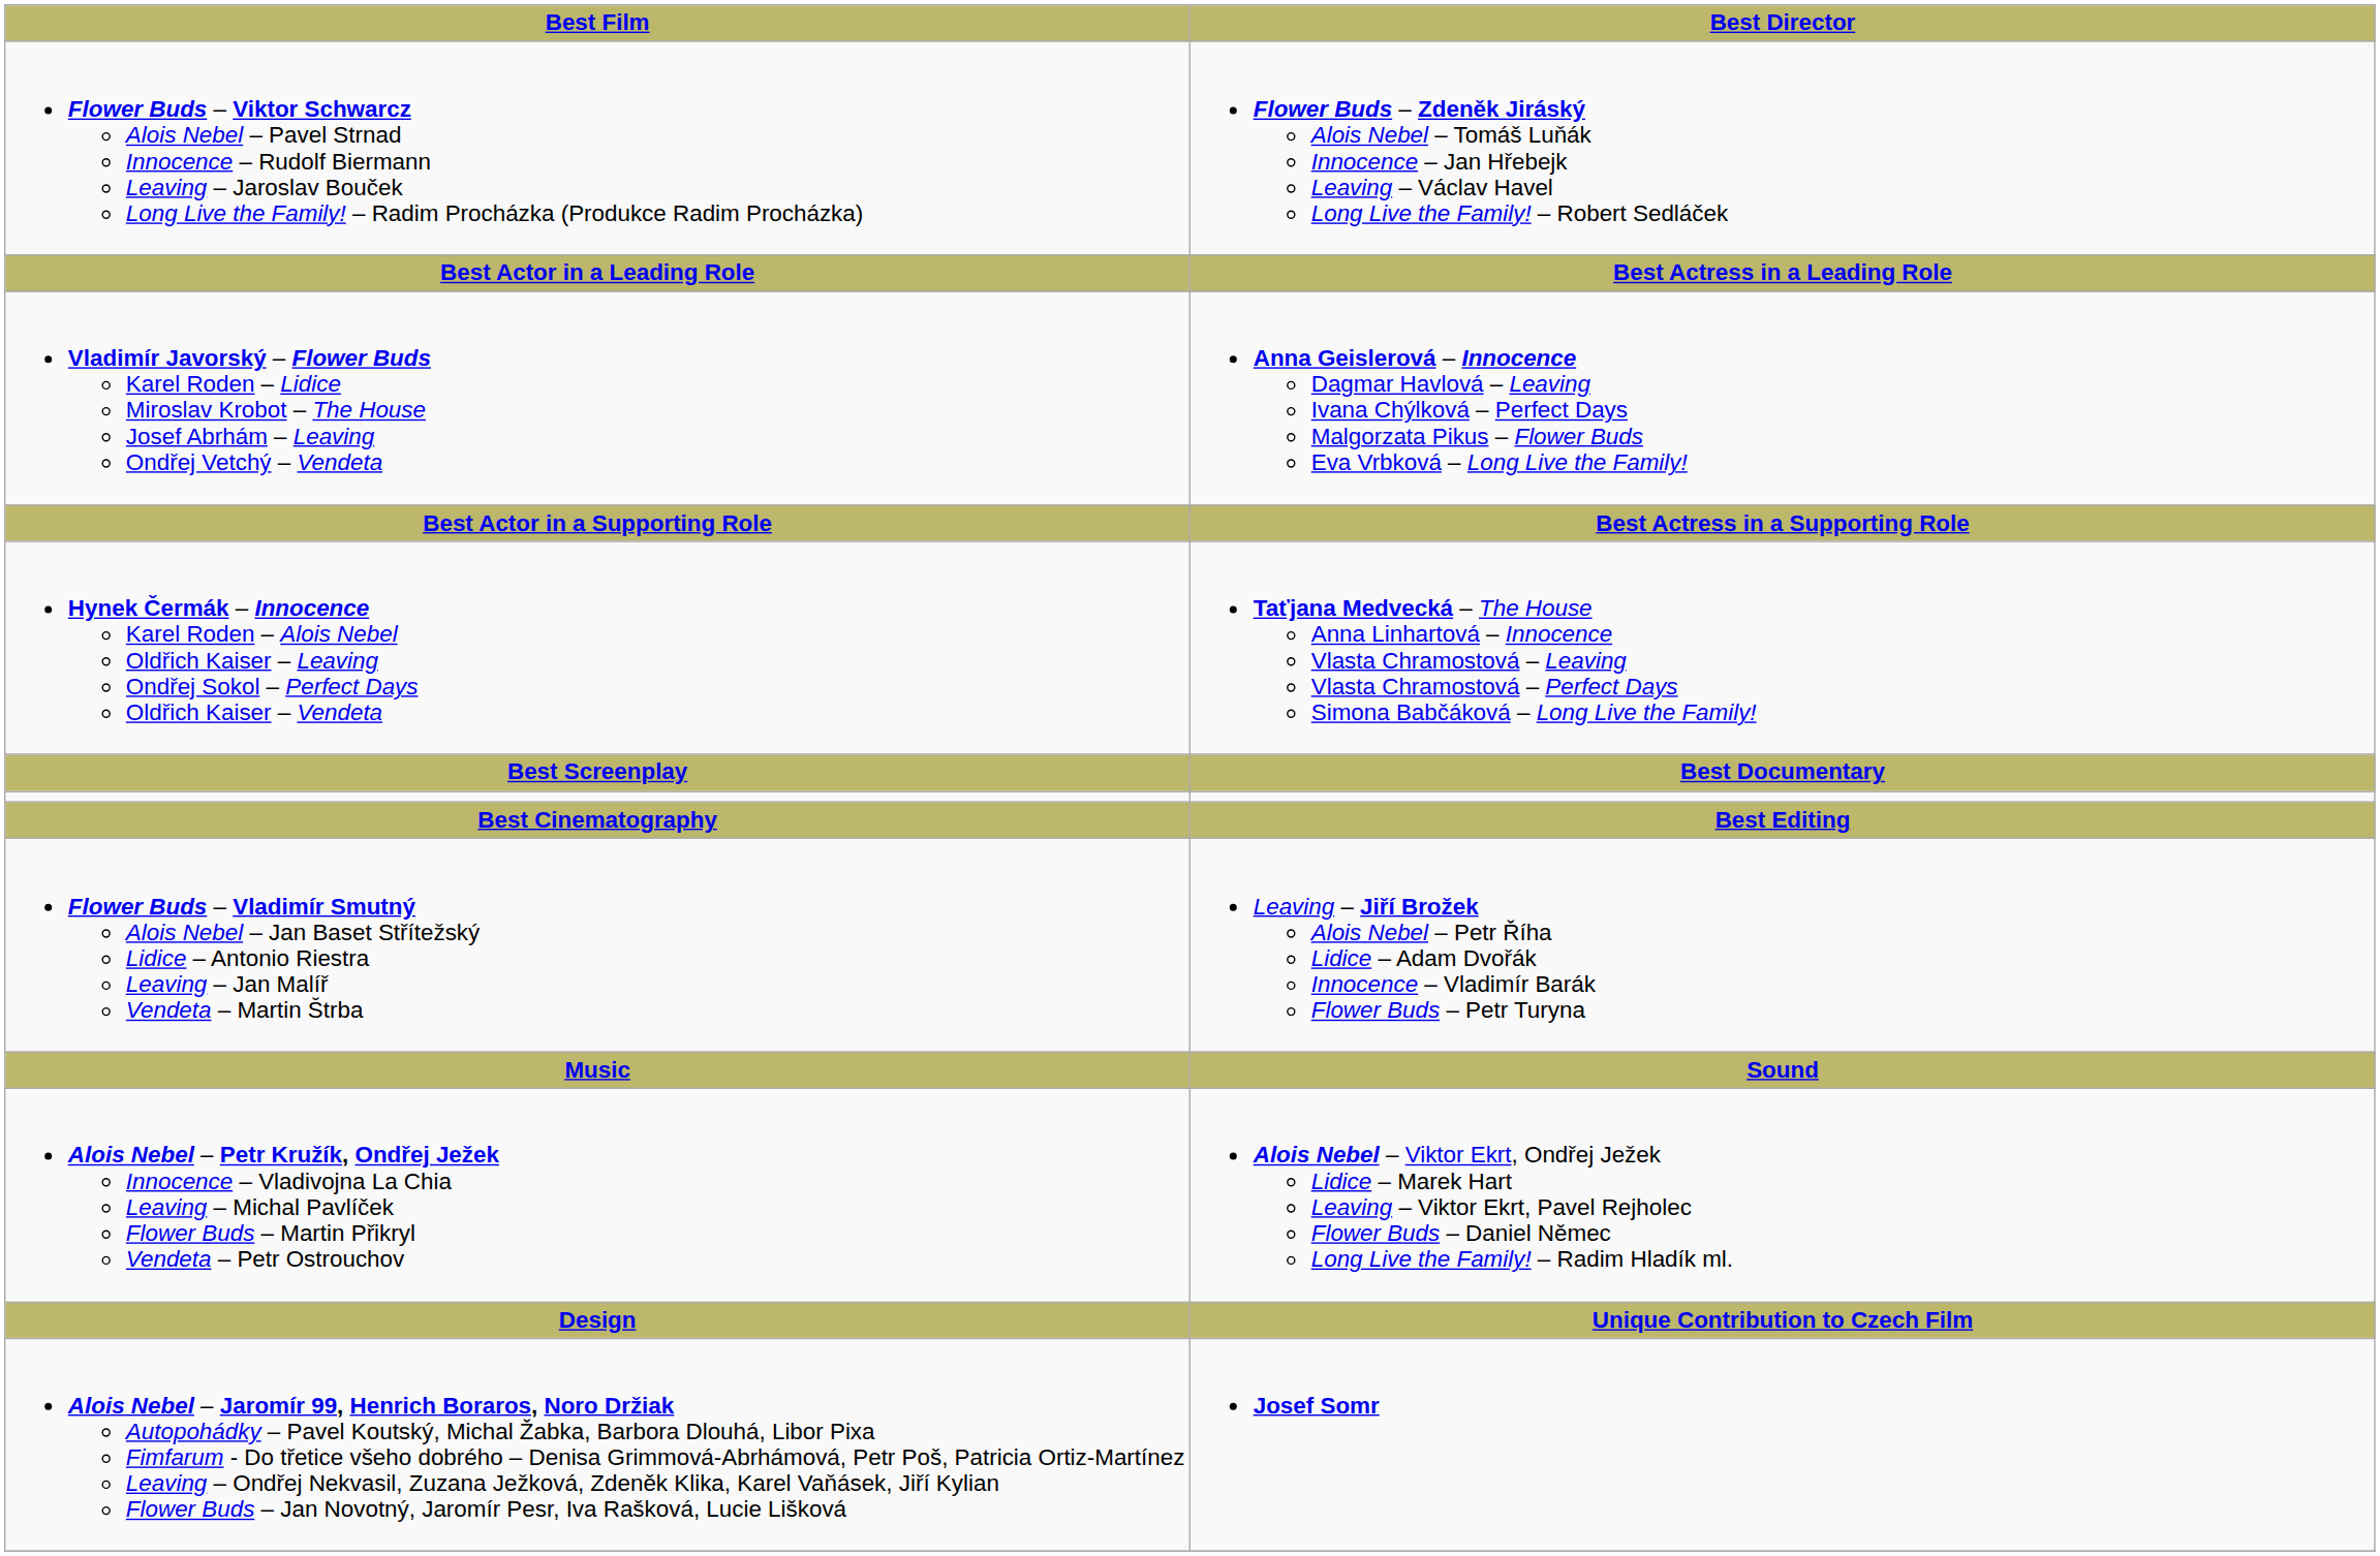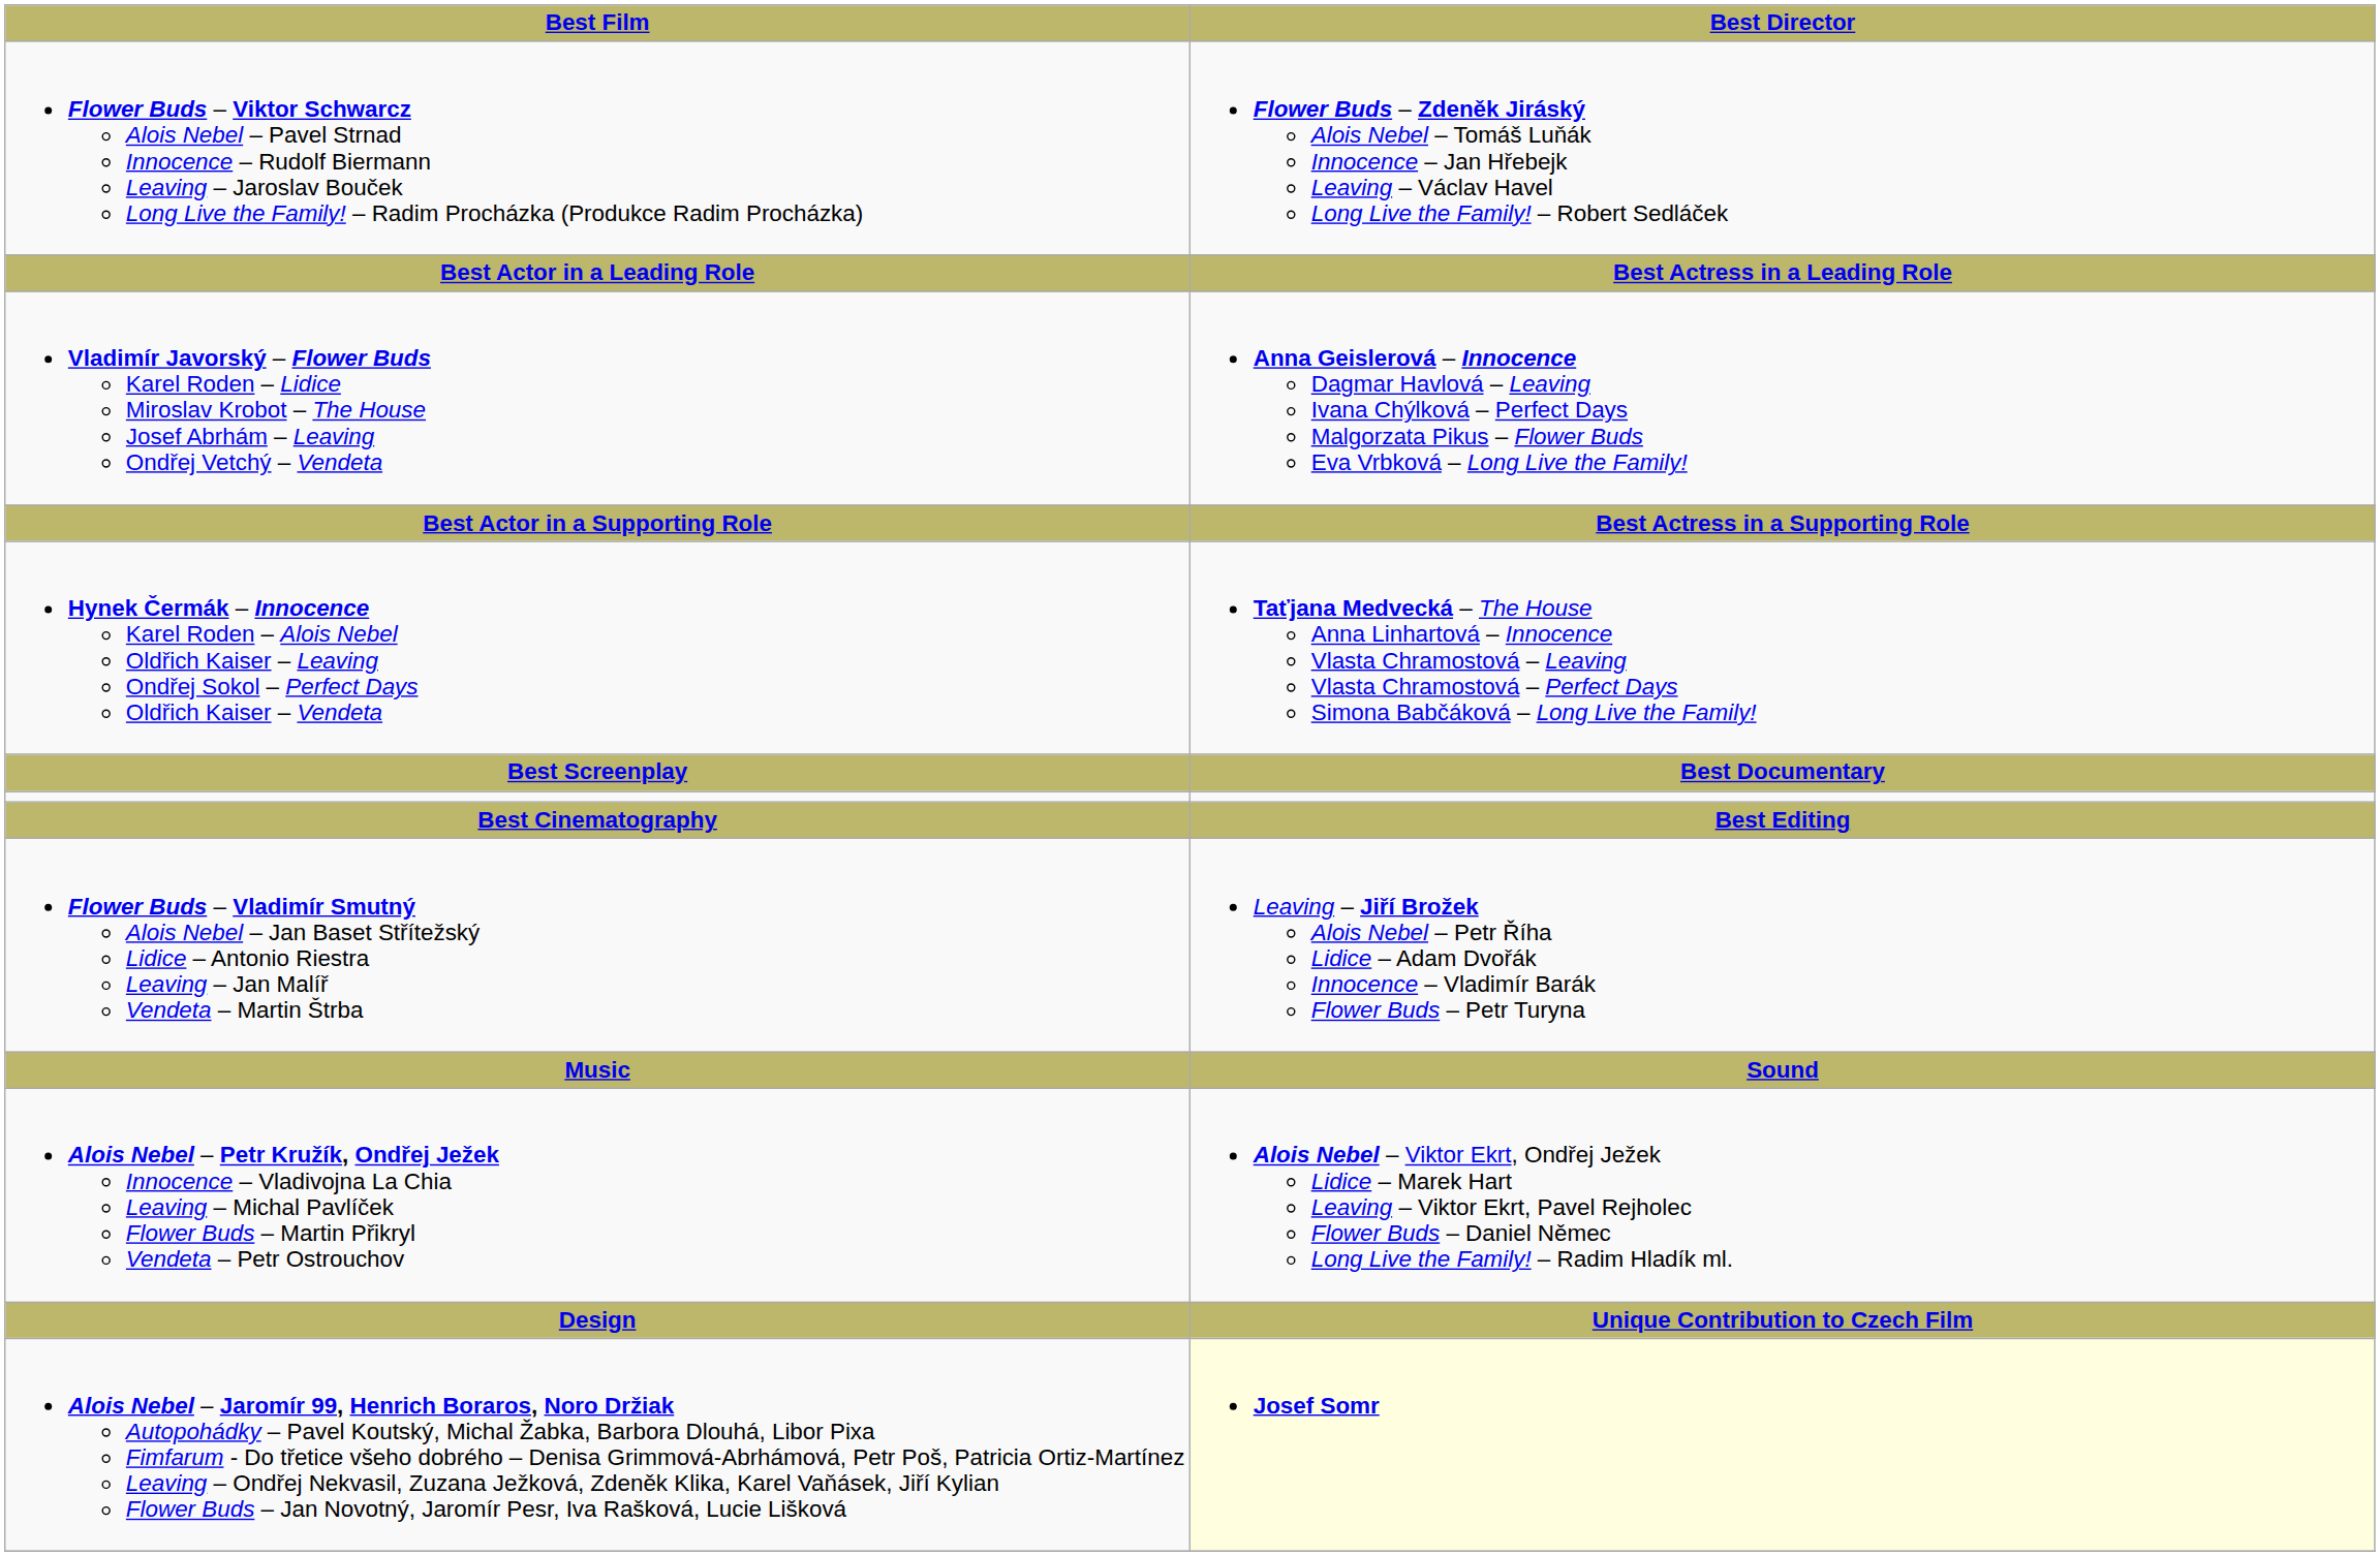 <table class=wikitable>
 <tr>
 <th style="background:#BDB76B; width: 50%"><a href='#'>Best Film</a></th>
 <th style="background:#BDB76B; width: 50%"><a href='#'>Best Director</a></th>
 </tr>
 <tr>
 <td valign="top"><br><ul><li><strong><em><a href='#'>Flower Buds</a></em></strong>  – <strong><a href='#'>Viktor Schwarcz</a></strong><ul><li><em><a href='#'>Alois Nebel</a></em> – Pavel Strnad</li><li><em><a href='#'>Innocence</a></em> – Rudolf Biermann</li><li><em><a href='#'>Leaving</a></em> – Jaroslav Bouček</li><li><em><a href='#'>Long Live the Family!</a></em> – Radim Procházka (Produkce Radim Procházka)</li></ul></li></ul></td>
 <td valign="top"><br><ul><li><strong><em><a href='#'>Flower Buds</a></em></strong> – <strong><a href='#'>Zdeněk Jiráský</a></strong><ul><li><em><a href='#'>Alois Nebel</a></em> – Tomáš Luňák</li><li><em><a href='#'>Innocence</a></em> – Jan Hřebejk</li><li><em><a href='#'>Leaving</a></em> – Václav Havel</li><li><em><a href='#'>Long Live the Family!</a></em> – Robert Sedláček</li></ul></li></ul></td>
 </tr>
 <tr>
 <th style="background:#BDB76B;"><a href='#'>Best Actor in a Leading Role</a></th>
 <th style="background:#BDB76B;"><a href='#'>Best Actress in a Leading Role</a></th>
 </tr>
 <tr>
 <td valign="top"><br><ul><li><strong><a href='#'>Vladimír Javorský</a></strong> – <strong><em><a href='#'>Flower Buds</a></em></strong><ul><li><a href='#'>Karel Roden</a> – <em><a href='#'>Lidice</a></em></li><li><a href='#'>Miroslav Krobot</a> – <em><a href='#'>The House</a></em></li><li><a href='#'>Josef Abrhám</a> – <em><a href='#'>Leaving</a></em></li><li><a href='#'>Ondřej Vetchý</a> – <em><a href='#'>Vendeta</a></em></li></ul></li></ul></td>
 <td valign="top"><br><ul><li><strong><a href='#'>Anna Geislerová</a></strong> – <strong><em><a href='#'>Innocence</a></em></strong><ul><li><a href='#'>Dagmar Havlová</a> – <em><a href='#'>Leaving</a></em></li><li><a href='#'>Ivana Chýlková</a> – <a href='#'>Perfect Days</a></li><li><a href='#'>Malgorzata Pikus</a> – <em><a href='#'>Flower Buds</a></em></li><li><a href='#'>Eva Vrbková</a> – <em><a href='#'>Long Live the Family!</a></em></li></ul></li></ul></td>
 </tr>
 <tr>
 <th style="background:#BDB76B;"><a href='#'>Best Actor in a Supporting Role</a></th>
 <th style="background:#BDB76B;"><a href='#'>Best Actress in a Supporting Role</a></th>
 </tr>
 <tr>
 <td valign="top"><br><ul><li><strong><a href='#'>Hynek Čermák</a></strong> – <strong><em><a href='#'>Innocence</a></em></strong><ul><li><a href='#'>Karel Roden</a> – <em><a href='#'>Alois Nebel</a></em></li><li><a href='#'>Oldřich Kaiser</a> – <em><a href='#'>Leaving</a></em></li><li><a href='#'>Ondřej Sokol</a> – <em><a href='#'>Perfect Days</a></em></li><li><a href='#'>Oldřich Kaiser</a> – <em><a href='#'>Vendeta</a></em></li></ul></li></ul></td>
 <td valign="top"><br><ul><li><strong><a href='#'>Taťjana Medvecká</a></strong> – <em><a href='#'>The House</a></em><ul><li><a href='#'>Anna Linhartová</a> – <em><a href='#'>Innocence</a></em></li><li><a href='#'>Vlasta Chramostová</a> – <em><a href='#'>Leaving</a></em></li><li><a href='#'>Vlasta Chramostová</a> – <em><a href='#'>Perfect Days</a></em></li><li><a href='#'>Simona Babčáková</a> – <em><a href='#'>Long Live the Family!</a></em></li></ul></li></ul></td>
 </tr>
 <tr>
 <th style="background:#BDB76B;"><a href='#'>Best Screenplay</a></th>
 <th style="background:#BDB76B;"><a href='#'>Best Documentary</a></th>
 </tr>
 <tr>
 <td valign="top"></td>
 <td valign="top"></td>
 </tr>
 <tr>
 <th style="background:#BDB76B;"><a href='#'>Best Cinematography</a></th>
 <th style="background:#BDB76B;"><a href='#'>Best Editing</a></th>
 </tr>
 <tr>
 <td valign="top"><br><ul><li><strong><em><a href='#'>Flower Buds</a></em></strong> – <strong><a href='#'>Vladimír Smutný</a></strong><ul><li><em><a href='#'>Alois Nebel</a></em> – Jan Baset Střítežský</li><li><em><a href='#'>Lidice</a></em> – Antonio Riestra</li><li><em><a href='#'>Leaving</a></em> – Jan Malíř</li><li><em><a href='#'>Vendeta</a></em> – Martin Štrba</li></ul></li></ul></td>
 <td valign="top"><br><ul><li><em><a href='#'>Leaving</a></em> – <strong><a href='#'>Jiří Brožek</a></strong><ul><li><em><a href='#'>Alois Nebel</a></em> – Petr Říha</li><li><em><a href='#'>Lidice</a></em> – Adam Dvořák</li><li><em><a href='#'>Innocence</a></em> – Vladimír Barák</li><li><em><a href='#'>Flower Buds</a></em> – Petr Turyna</li></ul></li></ul></td>
 </tr>
 <tr>
 <th style="background:#BDB76B;"><a href='#'>Music</a></th>
 <th style="background:#BDB76B;"><a href='#'>Sound</a></th>
 </tr>
 <tr>
 <td valign="top"><br><ul><li><strong><em><a href='#'>Alois Nebel</a></em></strong> – <strong><a href='#'>Petr Kružík</a>, <a href='#'>Ondřej Ježek</a></strong><ul><li><em><a href='#'>Innocence</a></em> – Vladivojna La Chia</li><li><em><a href='#'>Leaving</a></em> – Michal Pavlíček</li><li><em><a href='#'>Flower Buds</a></em> – Martin Přikryl</li><li><em><a href='#'>Vendeta</a></em> – Petr Ostrouchov</li></ul></li></ul></td>
 <td valign="top"><br><ul><li><strong><em><a href='#'>Alois Nebel</a></em></strong> – <a href='#'>Viktor Ekrt</a>, Ondřej Ježek<ul><li><em><a href='#'>Lidice</a></em> – Marek Hart</li><li><em><a href='#'>Leaving</a></em> – Viktor Ekrt, Pavel Rejholec</li><li><em><a href='#'>Flower Buds</a></em> – Daniel Němec</li><li><em><a href='#'>Long Live the Family!</a></em> – Radim Hladík ml.</li></ul></li></ul></td>
 </tr>
 <tr>
 <th style="background:#BDB76B;"><a href='#'>Design</a></th>
 <th style="background:#BDB76B;"><a href='#'>Unique Contribution to Czech Film</a></th>
 </tr>
 <tr>
 <td valign="top"><br><ul><li><strong><em><a href='#'>Alois Nebel</a></em></strong> – <strong><a href='#'>Jaromír 99</a>, <a href='#'>Henrich Boraros</a>, <a href='#'>Noro Držiak</a></strong><ul><li><em><a href='#'>Autopohádky</a></em> – Pavel Koutský, Michal Žabka, Barbora Dlouhá, Libor Pixa</li><li><em><a href='#'>Fimfarum</a></em> - Do třetice všeho dobrého – Denisa Grimmová-Abrhámová, Petr Poš, Patricia Ortiz-Martínez</li><li><em><a href='#'>Leaving</a></em> – Ondřej Nekvasil, Zuzana Ježková, Zdeněk Klika, Karel Vaňásek, Jiří Kylian</li><li><em><a href='#'>Flower Buds</a></em> – Jan Novotný, Jaromír Pesr, Iva Rašková, Lucie Lišková</li></ul></li></ul></td>
-<td valign="top"><br><ul><li><strong><a href='#'>Josef Somr</a></strong></li></ul></td>
+<td valign="top" style="background: lightyellow;"><br><ul><li><strong><a href='#'>Josef Somr</a></strong></li></ul></td>
 </tr>
 <tr>
 </tr>
 </table>
